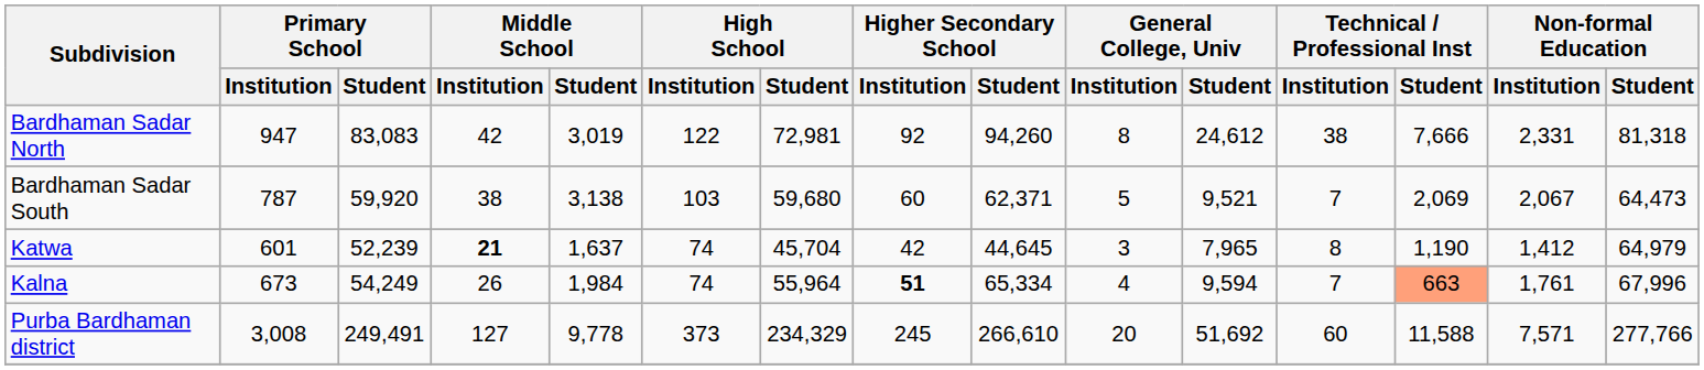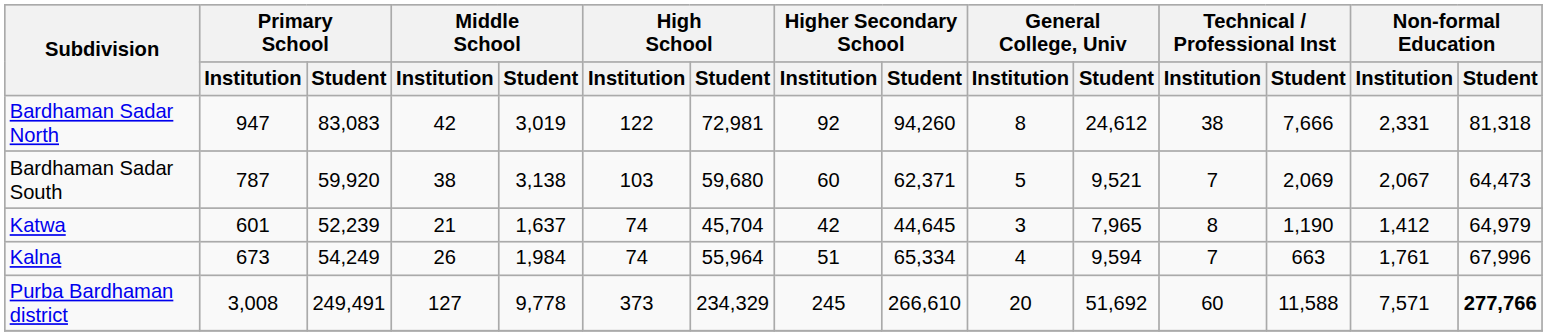 <table class="wikitable" style="text-align:center;font-size: 9pt">
 <tr>
 <th width="110" rowspan="2">Subdivision</th>
 <th colspan="2">Primary<br>School</th>
 <th colspan="2">Middle<br>School</th>
 <th colspan="2">High<br>School</th>
 <th colspan="2">Higher Secondary<br>School</th>
 <th colspan="2">General<br>College, Univ</th>
 <th colspan="2">Technical /<br>Professional Inst</th>
 <th colspan="2">Non-formal<br>Education</th>
 </tr>
 <tr>
 <th width="30">Institution</th>
 <th width="30">Student</th>
 <th width="30">Institution</th>
 <th width="30">Student</th>
 <th width="30">Institution</th>
 <th width="30">Student</th>
 <th width="30">Institution</th>
 <th width="30">Student</th>
 <th width="30">Institution</th>
 <th width="30">Student</th>
 <th width="30">Institution</th>
 <th width="30">Student</th>
 <th width="30">Institution</th>
 <th width="30">Student<br></th>
 </tr>
 <tr>
 <td align=left><a href='#'>Bardhaman Sadar North</a></td>
 <td align="center">947</td>
 <td align="center">83,083</td>
 <td align="center">42</td>
 <td align="center">3,019</td>
 <td align="center">122</td>
 <td align="center">72,981</td>
 <td align="center">92</td>
 <td align="center">94,260</td>
 <td align="center">8</td>
 <td align="center">24,612</td>
 <td align="center">38</td>
 <td align="center">7,666</td>
 <td align="center">2,331</td>
 <td align="center">81,318</td>
 </tr>
 <tr>
 <td align=left>Bardhaman Sadar South</td>
 <td align="center">787</td>
 <td align="center">59,920</td>
 <td align="center">38</td>
 <td align="center">3,138</td>
 <td align="center">103</td>
 <td align="center">59,680</td>
 <td align="center">60</td>
 <td align="center">62,371</td>
 <td align="center">5</td>
 <td align="center">9,521</td>
 <td align="center">7</td>
 <td align="center">2,069</td>
 <td align="center">2,067</td>
 <td align="center">64,473</td>
 </tr>
 <tr>
 <td align=left><a href='#'>Katwa</a></td>
 <td align="center">601</td>
 <td align="center">52,239</td>
-<td align="center"><strong>21</strong></td>
+<td align="center">21</td>
 <td align="center">1,637</td>
 <td align="center">74</td>
 <td align="center">45,704</td>
 <td align="center">42</td>
 <td align="center">44,645</td>
 <td align="center">3</td>
 <td align="center">7,965</td>
 <td align="center">8</td>
 <td align="center">1,190</td>
 <td align="center">1,412</td>
 <td align="center">64,979</td>
 </tr>
 <tr>
 <td align=left><a href='#'>Kalna</a></td>
 <td align="center">673</td>
 <td align="center">54,249</td>
 <td align="center">26</td>
 <td align="center">1,984</td>
 <td align="center">74</td>
 <td align="center">55,964</td>
-<td align="center"><strong>51</strong></td>
+<td align="center">51</td>
 <td align="center">65,334</td>
 <td align="center">4</td>
 <td align="center">9,594</td>
 <td align="center">7</td>
-<td align="center" style="background: lightsalmon;">663</td>
+<td align="center">663</td>
 <td align="center">1,761</td>
 <td align="center">67,996</td>
 </tr>
 <tr>
 <td align=left><a href='#'>Purba Bardhaman district</a></td>
 <td align="center">3,008</td>
 <td align="center">249,491</td>
 <td align="center">127</td>
 <td align="center">9,778</td>
 <td align="center">373</td>
 <td align="center">234,329</td>
 <td align="center">245</td>
 <td align="center">266,610</td>
 <td align="center">20</td>
 <td align="center">51,692</td>
 <td align="center">60</td>
 <td align="center">11,588</td>
 <td align="center">7,571</td>
-<td align="center">277,766</td>
+<td align="center"><strong>277,766</strong></td>
 </tr>
 <tr>
 </tr>
 </table>
